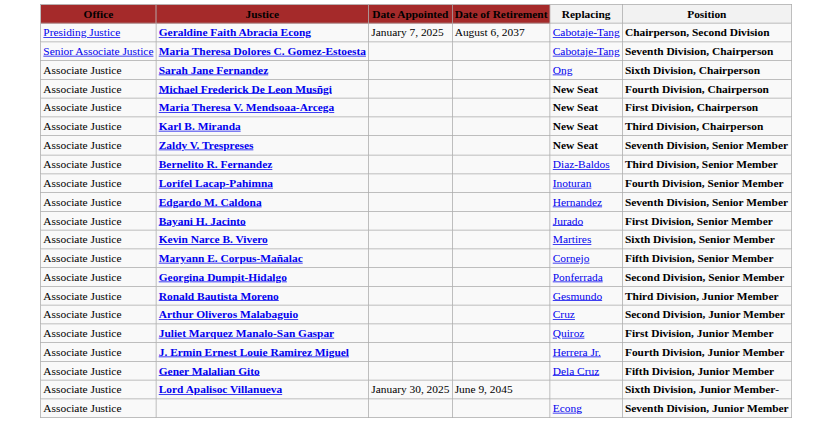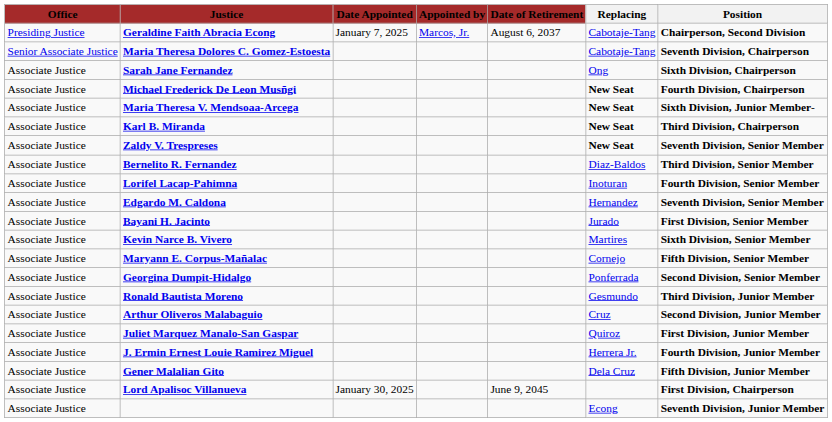 <table class="wikitable sortable" style="margin:auto; font-size:95%">
 <tr>
 <th style="background-color: brown">Office</th>
 <th style="background-color: brown">Justice<br></th>
 <th style="background-color: brown">Date Appointed</th>
+<th style="background-color: brown">Appointed by</th>
 <th style="background-color: brown">Date of Retirement<br></th>
 <th>Replacing</th>
 <th><strong>Position</strong></th>
 </tr>
 <tr>
 <td><a href='#'>Presiding Justice</a></td>
 <td> <strong><a href='#'>Geraldine Faith Abracia Econg</a></strong><br></td>
 <td>January 7, 2025</td>
+<td><a href='#'>Marcos, Jr.</a></td>
 <td>August 6, 2037</td>
 <td><a href='#'>Cabotaje-Tang</a></td>
 <td><strong>Chairperson, Second Division</strong></td>
 </tr>
 <tr>
 <td><a href='#'>Senior Associate Justice</a></td>
 <td> <strong><a href='#'>Maria Theresa Dolores C. Gomez-Estoesta</a></strong><br></td>
+<td></td>
 <td></td>
 <td></td>
 <td> <a href='#'>Cabotaje-Tang</a></td>
 <td><strong>Seventh Division, Chairperson</strong></td>
 </tr>
 <tr>
 <td>Associate Justice</td>
 <td> <strong><a href='#'>Sarah Jane Fernandez</a></strong><br></td>
 <td></td>
 <td></td>
+<td></td>
 <td> <a href='#'>Ong</a></td>
 <td><strong>Sixth Division, Chairperson</strong></td>
 </tr>
 <tr>
 <td>Associate Justice</td>
 <td> <strong><a href='#'>Michael Frederick De Leon Musñgi</a></strong><br></td>
+<td></td>
 <td></td>
 <td></td>
 <td><strong>New Seat</strong></td>
 <td><strong>Fourth Division, Chairperson</strong></td>
 </tr>
 <tr>
 <td>Associate Justice</td>
 <td> <strong><a href='#'>Maria Theresa V. Mendsoaa-Arcega</a></strong><br></td>
 <td></td>
 <td></td>
+<td></td>
 <td><strong>New Seat</strong></td>
-<td><strong>First Division, Chairperson</strong></td>
+<td><strong>Sixth Division, Junior Member</strong>-</td>
 </tr>
 <tr>
 <td>Associate Justice</td>
 <td><strong><a href='#'>Karl  B. Miranda</a></strong><br></td>
+<td></td>
 <td></td>
 <td></td>
 <td><strong>New Seat</strong></td>
 <td><strong>Third Division, Chairperson</strong></td>
 </tr>
 <tr>
 <td>Associate Justice</td>
 <td> <strong><a href='#'>Zaldy V. Trespreses</a></strong><br></td>
 <td></td>
 <td></td>
+<td></td>
 <td><strong>New Seat</strong></td>
 <td><strong>Seventh Division, Senior Member</strong></td>
 </tr>
 <tr>
 <td>Associate Justice</td>
 <td> <strong><a href='#'>Bernelito R. Fernandez</a></strong><br></td>
+<td></td>
 <td></td>
 <td></td>
 <td> <a href='#'>Diaz-Baldos</a></td>
 <td><strong>Third Division, Senior Member</strong></td>
 </tr>
 <tr>
 <td>Associate Justice</td>
 <td> <strong><a href='#'>Lorifel Lacap-Pahimna</a></strong><br></td>
 <td></td>
 <td></td>
+<td></td>
 <td> <a href='#'>Inoturan</a></td>
 <td><strong>Fourth Division, Senior Member</strong></td>
 </tr>
 <tr>
 <td>Associate Justice</td>
 <td> <strong><a href='#'>Edgardo M. Caldona</a></strong><br></td>
+<td></td>
 <td></td>
 <td></td>
 <td> <a href='#'>Hernandez</a></td>
 <td><strong>Seventh Division, Senior Member</strong></td>
 </tr>
 <tr>
 <td>Associate Justice</td>
 <td> <strong><a href='#'>Bayani H. Jacinto</a></strong><br></td>
 <td></td>
 <td></td>
+<td></td>
 <td> <a href='#'>Jurado</a></td>
 <td><strong>First Division, Senior Member</strong></td>
 </tr>
 <tr>
 <td>Associate Justice</td>
 <td> <strong><a href='#'>Kevin Narce B. Vivero</a></strong><br></td>
+<td></td>
 <td></td>
 <td></td>
 <td> <a href='#'>Martires</a></td>
 <td><strong>Sixth Division, Senior Member</strong></td>
 </tr>
 <tr>
 <td>Associate Justice</td>
 <td> <strong><a href='#'>Maryann E. Corpus-Mañalac</a></strong><br></td>
 <td></td>
 <td></td>
+<td></td>
 <td> <a href='#'>Cornejo</a></td>
 <td><strong>Fifth Division, Senior Member</strong></td>
 </tr>
 <tr>
 <td>Associate Justice</td>
 <td> <strong><a href='#'>Georgina Dumpit-Hidalgo</a></strong><br></td>
+<td></td>
 <td></td>
 <td></td>
 <td> <a href='#'>Ponferrada</a></td>
 <td><strong>Second Division, Senior Member</strong></td>
 </tr>
 <tr>
 <td>Associate Justice</td>
 <td> <strong><a href='#'>Ronald Bautista Moreno</a></strong><br></td>
 <td></td>
 <td></td>
+<td></td>
 <td> <a href='#'>Gesmundo</a></td>
 <td><strong>Third Division, Junior Member</strong></td>
 </tr>
 <tr>
 <td>Associate Justice</td>
 <td> <strong><a href='#'>Arthur Oliveros Malabaguio</a></strong><br></td>
+<td></td>
 <td></td>
 <td></td>
 <td> <a href='#'>Cruz</a></td>
 <td><strong>Second Division, Junior Member</strong></td>
 </tr>
 <tr>
 <td>Associate Justice</td>
 <td> <strong><a href='#'>Juliet Marquez Manalo-San Gaspar</a></strong><br></td>
 <td></td>
 <td></td>
+<td></td>
 <td><a href='#'>Quiroz</a></td>
 <td><strong>First Division, Junior Member</strong></td>
 </tr>
 <tr>
 <td>Associate Justice</td>
 <td>  <strong><a href='#'>J. Ermin Ernest Louie Ramirez Miguel</a></strong><br></td>
+<td></td>
 <td></td>
 <td></td>
 <td> <a href='#'>Herrera Jr.</a></td>
 <td><strong>Fourth Division, Junior Member</strong></td>
 </tr>
 <tr>
 <td>Associate Justice</td>
 <td> <strong><a href='#'>Gener Malalian Gito</a></strong><br></td>
 <td></td>
 <td></td>
+<td></td>
 <td> <a href='#'>Dela Cruz</a></td>
 <td><strong>Fifth Division, Junior Member</strong></td>
 </tr>
 <tr>
 <td>Associate Justice</td>
 <td> <strong><a href='#'>Lord Apalisoc Villanueva</a></strong><br></td>
 <td>January 30, 2025</td>
+<td></td>
 <td>June 9, 2045</td>
 <td></td>
-<td><strong>Sixth Division, Junior Member</strong>-</td>
+<td><strong>First Division, Chairperson</strong></td>
 </tr>
 <tr>
 <td>Associate Justice</td>
+<td></td>
 <td></td>
 <td></td>
 <td></td>
 <td> <a href='#'>Econg</a></td>
 <td><strong>Seventh Division, Junior Member</strong><br></td>
 </tr>
 </table>
